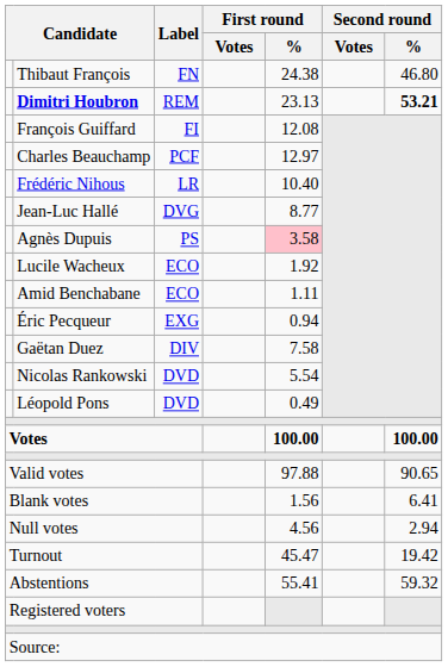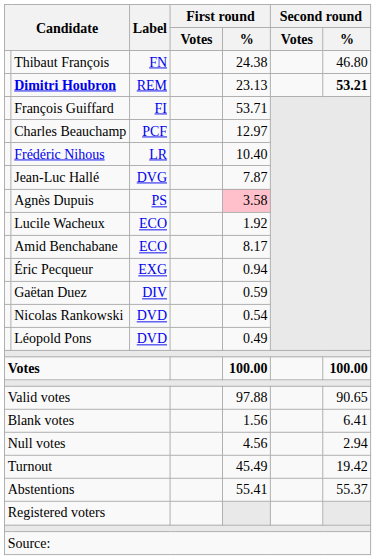 <table class="wikitable" style="text-align:right;font-size:95%;">
 <tr>
 <th rowspan="2" colspan="2">Candidate</th>
 <th rowspan="2">Label</th>
 <th colspan="2">First round</th>
 <th colspan="2">Second round</th>
 </tr>
 <tr>
 <th style="width:50px;">Votes</th>
 <th style="width:45px;">%</th>
 <th style="width:50px;">Votes</th>
 <th style="width:45px;">%</th>
 </tr>
 <tr>
 <td style="color:inherit;background:"></td>
 <td style="text-align:left;">Thibaut François</td>
 <td><a href='#'>FN</a></td>
 <td></td>
 <td>24.38</td>
 <td></td>
 <td>46.80</td>
 </tr>
 <tr>
 <td style="color:inherit;background:"></td>
 <td style="text-align:left;"><strong><a href='#'>Dimitri Houbron</a></strong></td>
 <td><a href='#'>REM</a></td>
 <td></td>
 <td>23.13</td>
 <td><strong></strong></td>
 <td><strong>53.21</strong></td>
 </tr>
 <tr>
 <td style="color:inherit;background:"></td>
 <td style="text-align:left;">François Guiffard</td>
 <td><a href='#'>FI</a></td>
 <td></td>
-<td>12.08</td>
+<td>53.71</td>
 <td colspan="2" rowspan="11" style="background:#E9E9E9;"></td>
 </tr>
 <tr>
 <td style="color:inherit;background:"></td>
 <td style="text-align:left;">Charles Beauchamp</td>
 <td><a href='#'>PCF</a></td>
 <td></td>
 <td>12.97</td>
 </tr>
 <tr>
 <td style="color:inherit;background:"></td>
 <td style="text-align:left;"><a href='#'>Frédéric Nihous</a></td>
 <td><a href='#'>LR</a></td>
 <td></td>
 <td>10.40</td>
 </tr>
 <tr>
 <td style="color:inherit;background:"></td>
 <td style="text-align:left;">Jean-Luc Hallé</td>
 <td><a href='#'>DVG</a></td>
 <td></td>
-<td>8.77</td>
+<td>7.87</td>
 </tr>
 <tr>
 <td style="color:inherit;background:"></td>
 <td style="text-align:left;">Agnès Dupuis</td>
 <td><a href='#'>PS</a></td>
 <td></td>
 <td style="background: pink;">3.58</td>
 </tr>
 <tr>
 <td style="color:inherit;background:"></td>
 <td style="text-align:left;">Lucile Wacheux</td>
 <td><a href='#'>ECO</a></td>
 <td></td>
 <td>1.92</td>
 </tr>
 <tr>
 <td style="color:inherit;background:"></td>
 <td style="text-align:left;">Amid Benchabane</td>
 <td><a href='#'>ECO</a></td>
 <td></td>
-<td>1.11</td>
+<td>8.17</td>
 </tr>
 <tr>
 <td style="color:inherit;background:"></td>
 <td style="text-align:left;">Éric Pecqueur</td>
 <td><a href='#'>EXG</a></td>
 <td></td>
 <td>0.94</td>
 </tr>
 <tr>
 <td style="color:inherit;background:"></td>
 <td style="text-align:left;">Gaëtan Duez</td>
 <td><a href='#'>DIV</a></td>
 <td></td>
-<td>7.58</td>
+<td>0.59</td>
 </tr>
 <tr>
 <td style="color:inherit;background:"></td>
 <td style="text-align:left;">Nicolas Rankowski</td>
 <td><a href='#'>DVD</a></td>
 <td></td>
-<td>5.54</td>
+<td>0.54</td>
 </tr>
 <tr>
 <td style="color:inherit;background:"></td>
 <td style="text-align:left;">Léopold Pons</td>
 <td><a href='#'>DVD</a></td>
 <td></td>
 <td>0.49</td>
 </tr>
 <tr>
 <td colspan="7" style="background:#E9E9E9;"></td>
 </tr>
 <tr style="font-weight:bold;">
 <td colspan="3" style="text-align:left;">Votes</td>
 <td></td>
 <td>100.00</td>
 <td></td>
 <td>100.00</td>
 </tr>
 <tr>
 <td colspan="7" style="background:#E9E9E9;"></td>
 </tr>
 <tr>
 <td colspan="3" style="text-align:left;">Valid votes</td>
 <td></td>
 <td>97.88</td>
 <td></td>
 <td>90.65</td>
 </tr>
 <tr>
 <td colspan="3" style="text-align:left;">Blank votes</td>
 <td></td>
 <td>1.56</td>
 <td></td>
 <td>6.41</td>
 </tr>
 <tr>
 <td colspan="3" style="text-align:left;">Null votes</td>
 <td></td>
 <td>4.56</td>
 <td></td>
 <td>2.94</td>
 </tr>
 <tr>
 <td colspan="3" style="text-align:left;">Turnout</td>
 <td></td>
-<td>45.47</td>
+<td>45.49</td>
 <td></td>
 <td>19.42</td>
 </tr>
 <tr>
 <td colspan="3" style="text-align:left;">Abstentions</td>
 <td></td>
 <td>55.41</td>
 <td></td>
-<td>59.32</td>
+<td>55.37</td>
 </tr>
 <tr>
 <td colspan="3" style="text-align:left;">Registered voters</td>
 <td></td>
 <td style="background:#E9E9E9;"></td>
 <td></td>
 <td style="background:#E9E9E9;"></td>
 </tr>
 <tr>
 <td colspan="7" style="background:#E9E9E9;"></td>
 </tr>
 <tr>
 <td colspan="7" style="text-align:left;">Source: </td>
 </tr>
 </table>
